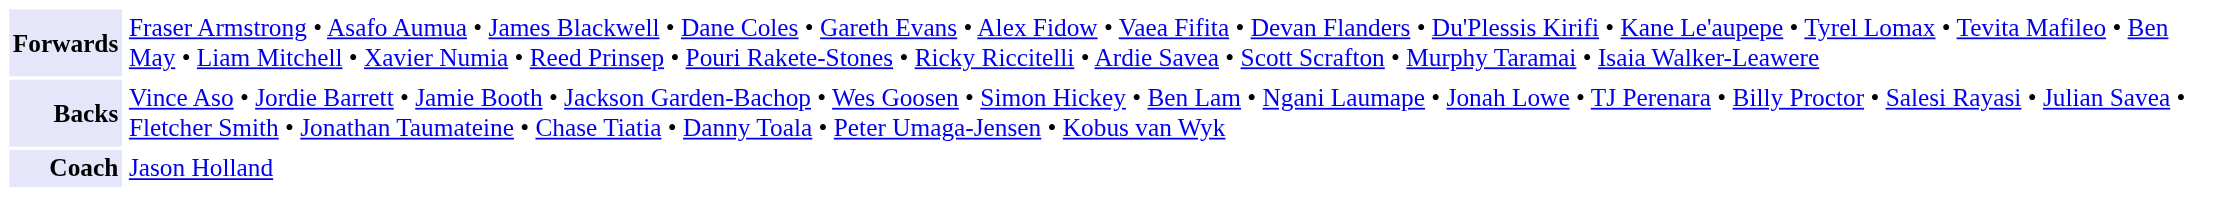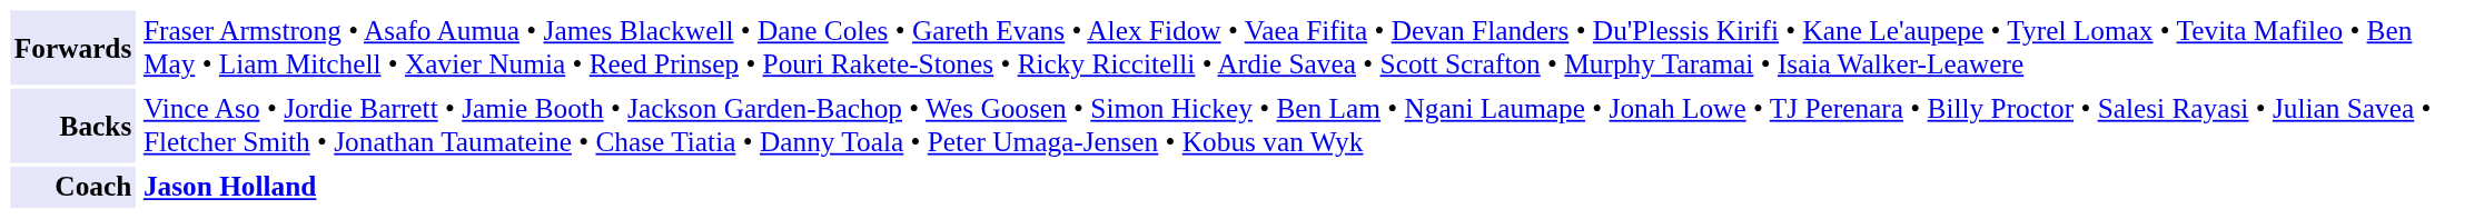 <table cellpadding="2" style="border: 1px solid white; font-size:90%">
 <tr>
 <td style="text-align:right;" bgcolor="lavender"><strong>Forwards</strong></td>
 <td style="text-align:left;"><a href='#'>Fraser Armstrong</a> • <a href='#'>Asafo Aumua</a> • <a href='#'>James Blackwell</a> • <a href='#'>Dane Coles</a> • <a href='#'>Gareth Evans</a> • <a href='#'>Alex Fidow</a> • <a href='#'>Vaea Fifita</a> • <a href='#'>Devan Flanders</a> • <a href='#'>Du'Plessis Kirifi</a> • <a href='#'>Kane Le'aupepe</a> • <a href='#'>Tyrel Lomax</a> • <a href='#'>Tevita Mafileo</a> • <a href='#'>Ben May</a> • <a href='#'>Liam Mitchell</a> • <a href='#'>Xavier Numia</a> • <a href='#'>Reed Prinsep</a> • <a href='#'>Pouri Rakete-Stones</a> • <a href='#'>Ricky Riccitelli</a> • <a href='#'>Ardie Savea</a> • <a href='#'>Scott Scrafton</a> • <a href='#'>Murphy Taramai</a> • <a href='#'>Isaia Walker-Leawere</a></td>
 </tr>
 <tr>
 <td style="text-align:right;" bgcolor="lavender"><strong>Backs</strong></td>
 <td style="text-align:left;"><a href='#'>Vince Aso</a> • <a href='#'>Jordie Barrett</a> • <a href='#'>Jamie Booth</a> • <a href='#'>Jackson Garden-Bachop</a> • <a href='#'>Wes Goosen</a> • <a href='#'>Simon Hickey</a> • <a href='#'>Ben Lam</a> • <a href='#'>Ngani Laumape</a> • <a href='#'>Jonah Lowe</a> • <a href='#'>TJ Perenara</a> • <a href='#'>Billy Proctor</a> • <a href='#'>Salesi Rayasi</a> • <a href='#'>Julian Savea</a> • <a href='#'>Fletcher Smith</a> • <a href='#'>Jonathan Taumateine</a> • <a href='#'>Chase Tiatia</a> • <a href='#'>Danny Toala</a> • <a href='#'>Peter Umaga-Jensen</a> • <a href='#'>Kobus van Wyk</a></td>
 </tr>
 <tr>
 <td style="text-align:right;" bgcolor="lavender"><strong>Coach</strong></td>
-<td style="text-align:left;"><a href='#'>Jason Holland</a></td>
+<td style="text-align:left;"><strong><a href='#'>Jason Holland</a></strong></td>
 </tr>
 </table>
